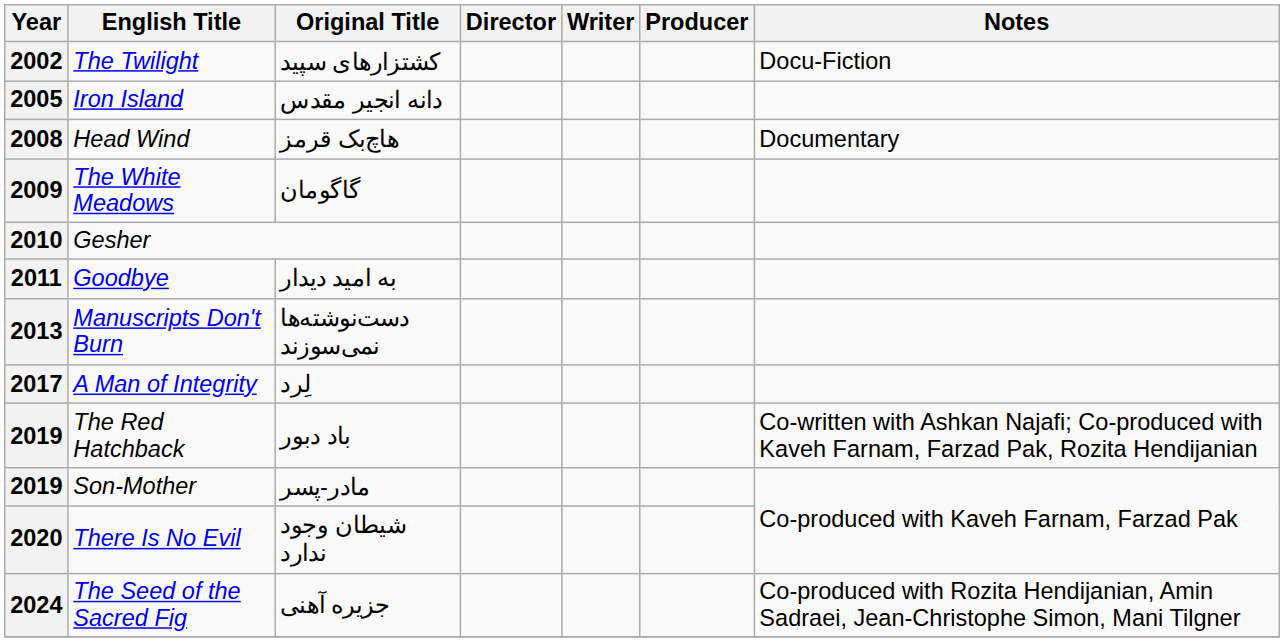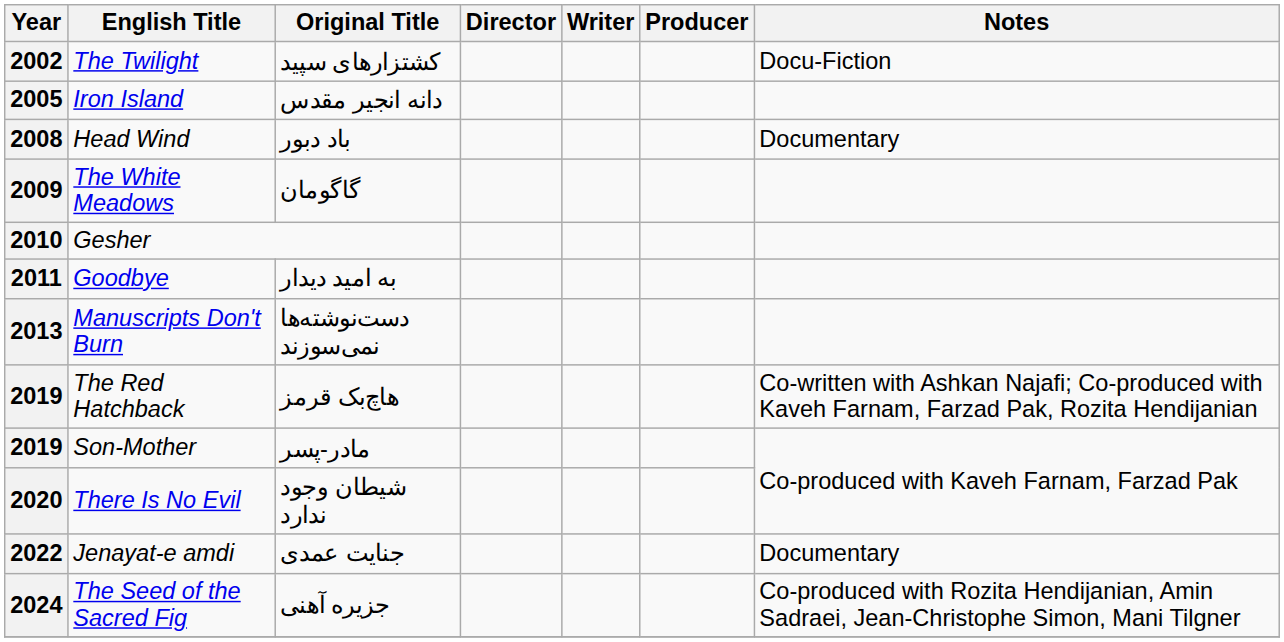 <table class="wikitable plainrowheaders">
 <tr>
 <th>Year</th>
 <th>English Title</th>
 <th>Original Title</th>
 <th>Director</th>
 <th>Writer</th>
 <th>Producer</th>
 <th>Notes</th>
 </tr>
 <tr>
 <th scope="row"><strong>2002</strong></th>
 <td><em><a href='#'>The Twilight</a></em></td>
 <td>کشتزارهای سپید</td>
 <td></td>
 <td></td>
 <td></td>
 <td>Docu-Fiction</td>
 </tr>
 <tr>
 <th scope="row"><strong>2005</strong></th>
 <td><em><a href='#'>Iron Island</a></em></td>
 <td>دانه انجیر مقدس</td>
 <td></td>
 <td></td>
 <td></td>
 <td></td>
 </tr>
 <tr>
 <th scope="row"><strong>2008</strong></th>
 <td><em>Head Wind</em></td>
-<td>هاچ‌بک قرمز</td>
+<td>باد دبور</td>
 <td></td>
 <td></td>
 <td></td>
 <td>Documentary</td>
 </tr>
 <tr>
 <th scope="row"><strong>2009</strong></th>
 <td><em><a href='#'>The White Meadows</a></em></td>
 <td>گاگومان</td>
 <td></td>
 <td></td>
 <td></td>
 <td></td>
 </tr>
 <tr>
 <th scope="row"><strong>2010</strong></th>
 <td colspan="2"><em>Gesher</em></td>
 <td></td>
 <td></td>
 <td></td>
 <td></td>
 </tr>
 <tr>
 <th scope="row"><strong>2011</strong></th>
 <td><em><a href='#'>Goodbye</a></em></td>
 <td>به امید دیدار</td>
 <td></td>
 <td></td>
 <td></td>
 <td></td>
 </tr>
 <tr>
 <th scope="row"><strong>2013</strong></th>
 <td><em><a href='#'>Manuscripts Don't Burn</a></em></td>
 <td>دست‌نوشته‌ها نمی‌سوزند</td>
 <td></td>
 <td></td>
 <td></td>
 <td></td>
 </tr>
 <tr>
-<th scope="row"><strong>2017</strong></th>
-<td><em><a href='#'>A Man of Integrity</a></em></td>
-<td>لِرد</td>
-<td></td>
-<td></td>
-<td></td>
-<td></td>
-</tr>
-<tr>
 <th scope="row"><strong>2019</strong></th>
 <td><em>The Red Hatchback</em></td>
-<td>باد دبور</td>
+<td>هاچ‌بک قرمز</td>
 <td></td>
 <td></td>
 <td></td>
 <td>Co-written with Ashkan Najafi; Co-produced with Kaveh Farnam, Farzad Pak, Rozita Hendijanian</td>
 </tr>
 <tr>
 <th scope="row"><strong>2019</strong></th>
 <td><em>Son-Mother</em></td>
 <td>مادر-پسر</td>
 <td></td>
 <td></td>
 <td></td>
 <td rowspan="2">Co-produced with Kaveh Farnam, Farzad Pak</td>
 </tr>
 <tr>
 <th scope="row"><strong>2020</strong></th>
 <td><em><a href='#'>There Is No Evil</a></em></td>
 <td>شیطان وجود ندارد</td>
 <td></td>
 <td></td>
 <td></td>
 </tr>
 <tr>
+<th scope="row"><strong>2022</strong></th>
+<td><em>Jenayat-e amdi</em></td>
+<td>جنایت عمدی</td>
+<td></td>
+<td></td>
+<td></td>
+<td>Documentary</td>
+</tr>
+<tr>
 <th scope="row"><strong>2024</strong></th>
 <td><em><a href='#'>The Seed of the Sacred Fig</a></em></td>
 <td>جزیره آهنی</td>
 <td></td>
 <td></td>
 <td></td>
 <td>Co-produced with Rozita Hendijanian, Amin Sadraei, Jean-Christophe Simon, Mani Tilgner</td>
 </tr>
 <tr>
 </tr>
 </table>
